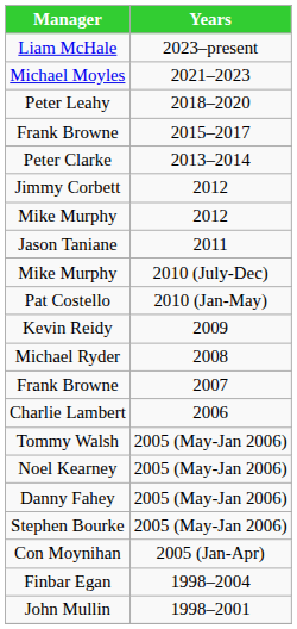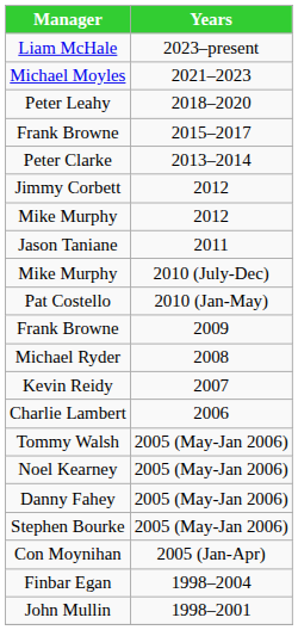 <table class="wikitable" border="2" style="text-align:center; float:center">
 <tr>
 <th style=background:#32CD32;color:white;><strong>Manager</strong></th>
 <th style=background:#32CD32;color:white;><strong>Years</strong></th>
 </tr>
 <tr>
 <td><a href='#'>Liam McHale</a></td>
 <td>2023–present</td>
 </tr>
 <tr>
 <td><a href='#'>Michael Moyles</a></td>
 <td>2021–2023</td>
 </tr>
 <tr>
 <td>Peter Leahy</td>
 <td>2018–2020</td>
 </tr>
 <tr>
 <td>Frank Browne</td>
 <td>2015–2017</td>
 </tr>
 <tr>
 <td>Peter Clarke</td>
 <td>2013–2014</td>
 </tr>
 <tr>
 <td>Jimmy Corbett</td>
 <td>2012</td>
 </tr>
 <tr>
 <td>Mike Murphy</td>
 <td>2012</td>
 </tr>
 <tr>
 <td>Jason Taniane</td>
 <td>2011</td>
 </tr>
 <tr>
 <td>Mike Murphy</td>
 <td>2010 (July-Dec)</td>
 </tr>
 <tr>
 <td>Pat Costello</td>
 <td>2010 (Jan-May)</td>
 </tr>
 <tr>
-<td>Kevin Reidy</td>
+<td>Frank Browne</td>
 <td>2009</td>
 </tr>
 <tr>
 <td>Michael Ryder</td>
 <td>2008</td>
 </tr>
 <tr>
-<td>Frank Browne</td>
+<td>Kevin Reidy</td>
 <td>2007</td>
 </tr>
 <tr>
 <td>Charlie Lambert</td>
 <td>2006</td>
 </tr>
 <tr>
 <td>Tommy Walsh</td>
 <td>2005 (May-Jan 2006)</td>
 </tr>
 <tr>
 <td>Noel Kearney</td>
 <td>2005 (May-Jan 2006)</td>
 </tr>
 <tr>
 <td>Danny Fahey</td>
 <td>2005 (May-Jan 2006)</td>
 </tr>
 <tr>
 <td>Stephen Bourke</td>
 <td>2005 (May-Jan 2006)</td>
 </tr>
 <tr>
 <td>Con Moynihan</td>
 <td>2005 (Jan-Apr)</td>
 </tr>
 <tr>
 <td>Finbar Egan</td>
 <td>1998–2004</td>
 </tr>
 <tr>
 <td>John Mullin</td>
 <td>1998–2001</td>
 </tr>
 <tr>
 </tr>
 </table>
